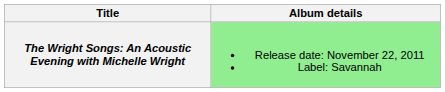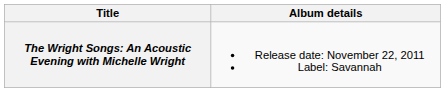 <table class="wikitable plainrowheaders" style="text-align:center;">
 <tr>
 <th style="width:18em;">Title</th>
 <th style="width:20em;">Album details</th>
 </tr>
 <tr>
 <th scope="row"><em>The Wright Songs: An Acoustic<br>Evening with Michelle Wright</em></th>
-<td style="background: lightgreen;"><br><ul><li>Release date: November 22, 2011</li><li>Label: Savannah</li></ul></td>
+<td><br><ul><li>Release date: November 22, 2011</li><li>Label: Savannah</li></ul></td>
 </tr>
 </table>
